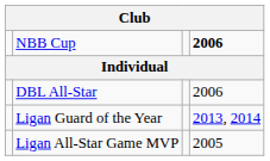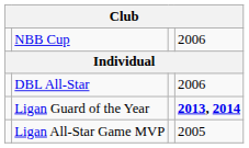 <table class="wikitable" style="font-size:90%;">
 <tr>
 <th colspan=4>Club</th>
 </tr>
 <tr>
 <td></td>
 <td><a href='#'>NBB Cup</a></td>
 <td></td>
-<td><strong>2006</strong></td>
+<td>2006</td>
 </tr>
 <tr>
 <th colspan=4>Individual</th>
 </tr>
 <tr>
 <td></td>
 <td><a href='#'>DBL All-Star</a></td>
 <td></td>
 <td>2006</td>
 </tr>
 <tr>
 <td></td>
 <td><a href='#'>Ligan</a> Guard of the Year</td>
 <td></td>
-<td><a href='#'>2013</a>, <a href='#'>2014</a></td>
+<td><strong><a href='#'>2013</a>, <a href='#'>2014</a></strong></td>
 </tr>
 <tr>
 <td></td>
 <td><a href='#'>Ligan</a> All-Star Game MVP</td>
 <td></td>
 <td>2005</td>
 </tr>
 </table>
